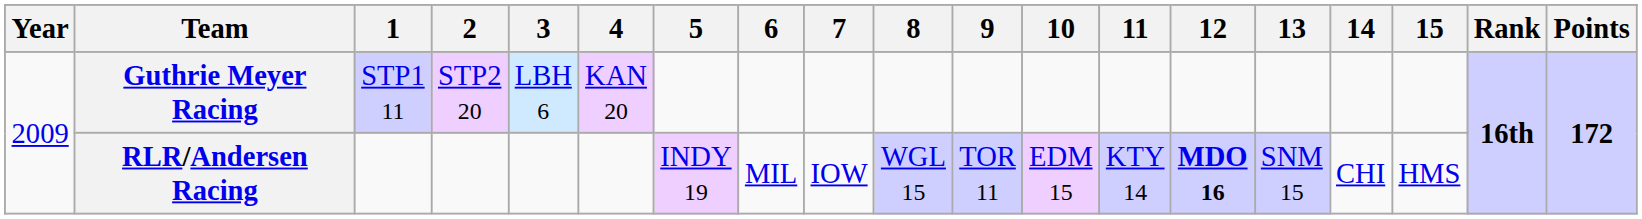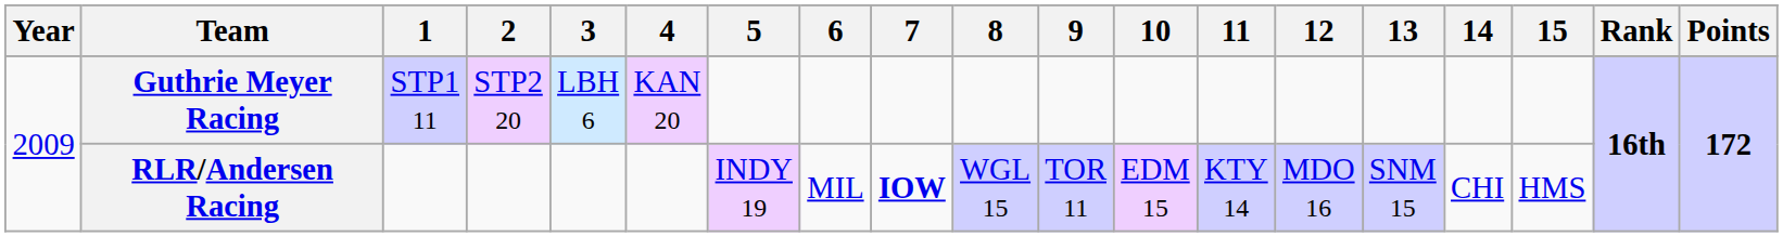 <table class="wikitable" style="text-align:center; font-size:95%">
 <tr>
 <th>Year</th>
 <th>Team</th>
 <th>1</th>
 <th>2</th>
 <th>3</th>
 <th>4</th>
 <th>5</th>
 <th>6</th>
 <th>7</th>
 <th>8</th>
 <th>9</th>
 <th>10</th>
 <th>11</th>
 <th>12</th>
 <th>13</th>
 <th>14</th>
 <th>15</th>
 <th>Rank</th>
 <th>Points</th>
 </tr>
 <tr>
 <td rowspan="2"><a href='#'>2009</a></td>
 <th><a href='#'>Guthrie Meyer Racing</a></th>
 <td style="background:#CFCFFF;"><a href='#'>STP1</a><br><small>11</small></td>
 <td style="background:#EFCFFF;"><a href='#'>STP2</a><br><small>20</small></td>
 <td style="background:#CFEAFF;"><a href='#'>LBH</a><br><small>6</small></td>
 <td style="background:#EFCFFF;"><a href='#'>KAN</a><br><small>20</small></td>
 <td></td>
 <td></td>
 <td></td>
 <td></td>
 <td></td>
 <td></td>
 <td></td>
 <td></td>
 <td></td>
 <td></td>
 <td></td>
 <td rowspan="2" style="background:#CFCFFF;"><strong>16th</strong></td>
 <td rowspan="2" style="background:#CFCFFF;"><strong>172</strong></td>
 </tr>
 <tr>
 <th><a href='#'>RLR</a>/<a href='#'>Andersen Racing</a></th>
 <td></td>
 <td></td>
 <td></td>
 <td></td>
 <td style="background:#EFCFFF;"><a href='#'>INDY</a><br><small>19</small></td>
 <td><a href='#'>MIL</a></td>
-<td><a href='#'>IOW</a></td>
+<td><strong><a href='#'>IOW</a></strong></td>
 <td style="background:#CFCFFF;"><a href='#'>WGL</a><br><small>15</small></td>
 <td style="background:#CFCFFF;"><a href='#'>TOR</a><br><small>11</small></td>
 <td style="background:#EFCFFF;"><a href='#'>EDM</a><br><small>15</small></td>
 <td style="background:#CFCFFF;"><a href='#'>KTY</a><br><small>14</small></td>
-<td style="background:#CFCFFF;"><strong><a href='#'>MDO</a><br><small>16</small></strong></td>
+<td style="background:#CFCFFF;"><a href='#'>MDO</a><br><small>16</small></td>
 <td style="background:#CFCFFF;"><a href='#'>SNM</a><br><small>15</small></td>
 <td><a href='#'>CHI</a></td>
 <td><a href='#'>HMS</a></td>
 </tr>
 </table>
